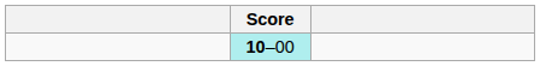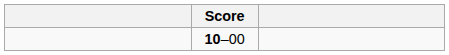 <table class="wikitable" style="text-align: center; font-size:90% ">
 <tr>
 <th align="right" width="180"></th>
 <th width="60">Score</th>
 <th align="left" width="180"></th>
 </tr>
 <tr>
 <td align=right><strong></strong></td>
-<td align=center style="background: paleturquoise;"><strong>10</strong>–00</td>
+<td align=center><strong>10</strong>–00</td>
 <td align=left></td>
 </tr>
 </table>
